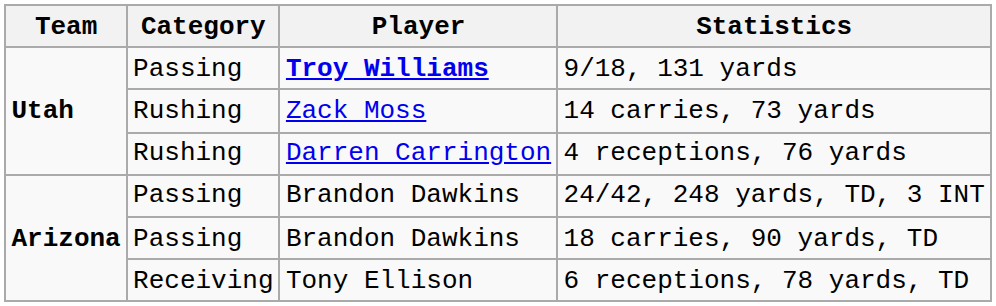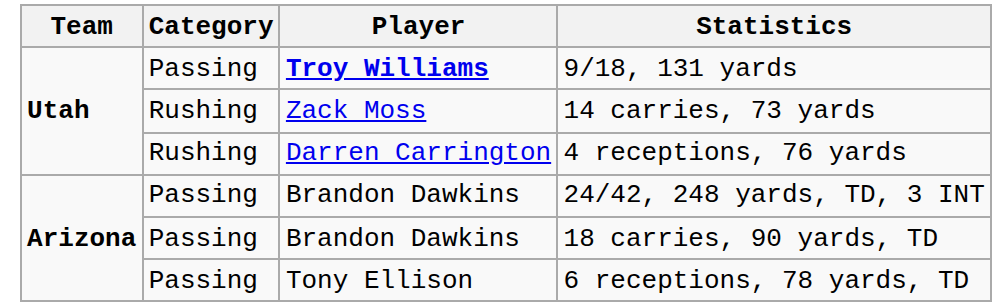 <table class="wikitable" style="float: right;">
 <tr>
 <th>Team</th>
 <th>Category</th>
 <th>Player</th>
 <th>Statistics</th>
 </tr>
 <tr>
 <td rowspan=3><strong>Utah</strong></td>
 <td>Passing</td>
 <td><strong><a href='#'>Troy Williams</a></strong></td>
 <td>9/18, 131 yards</td>
 </tr>
 <tr>
 <td>Rushing</td>
 <td><a href='#'>Zack Moss</a></td>
 <td>14 carries, 73 yards</td>
 </tr>
 <tr>
 <td>Rushing</td>
 <td><a href='#'>Darren Carrington</a></td>
 <td>4 receptions, 76 yards</td>
 </tr>
 <tr>
 <td rowspan=3><strong>Arizona</strong></td>
 <td>Passing</td>
 <td>Brandon Dawkins</td>
 <td>24/42, 248 yards, TD, 3 INT</td>
 </tr>
 <tr>
 <td>Passing</td>
 <td>Brandon Dawkins</td>
 <td>18 carries, 90 yards, TD</td>
 </tr>
 <tr>
-<td>Receiving</td>
+<td>Passing</td>
 <td>Tony Ellison</td>
 <td>6 receptions, 78 yards, TD</td>
 </tr>
 </table>
